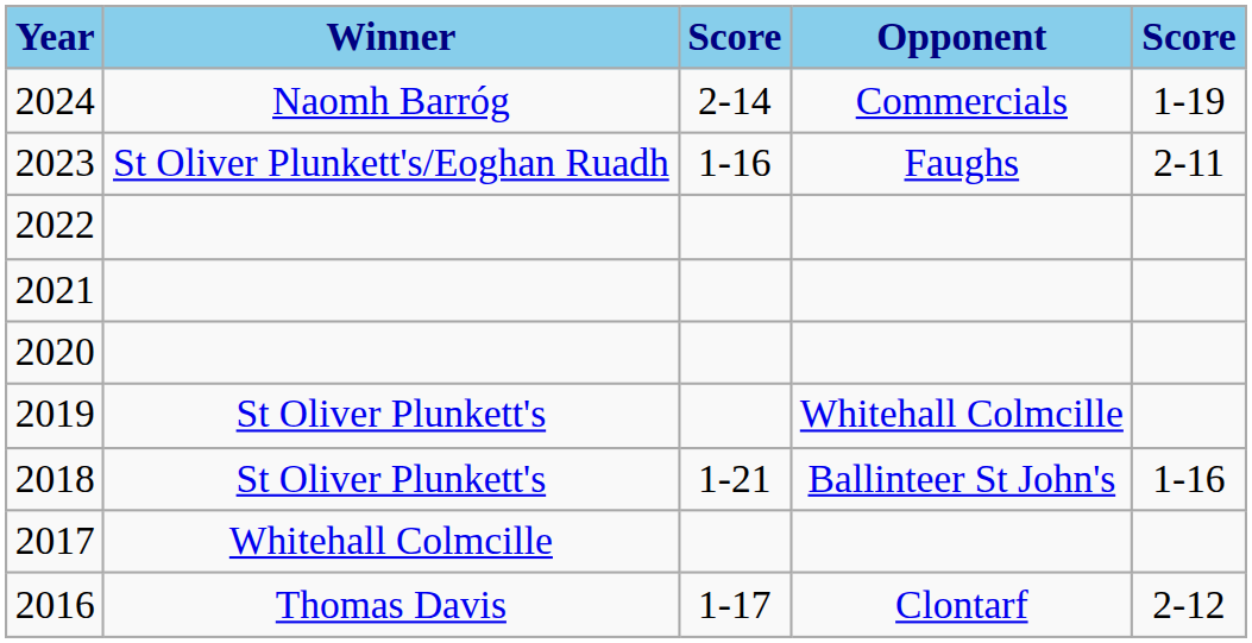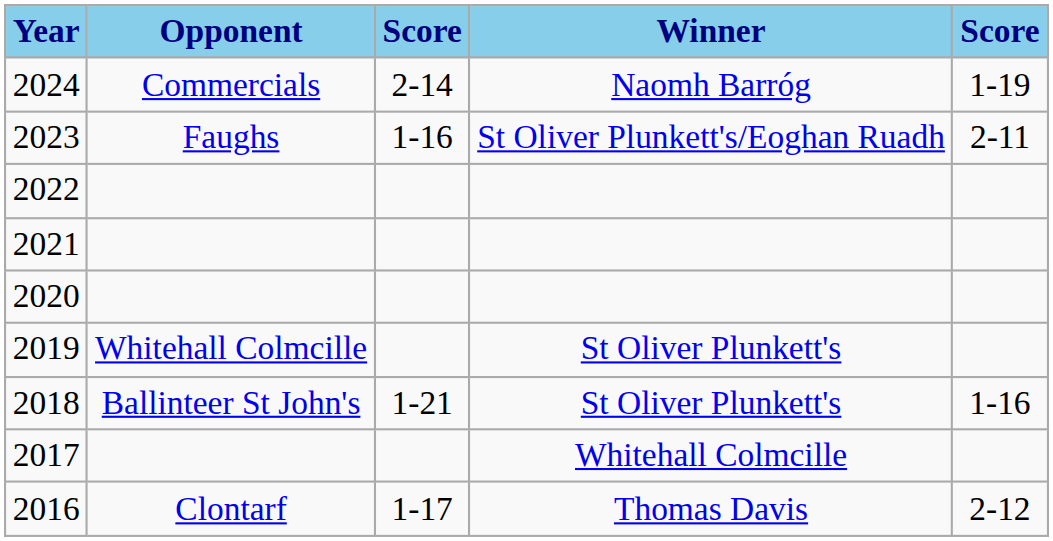 <table class="wikitable" style="text-align:center;">
 <tr>
 <th style="background:skyblue;color:navy;">Year</th>
+<th style="background:skyblue;color:navy;">Opponent</th>
+<th style="background:skyblue;color:navy;">Score</th>
 <th style="background:skyblue;color:navy;">Winner</th>
-<th style="background:skyblue;color:navy;">Score</th>
-<th style="background:skyblue;color:navy;">Opponent</th>
 <th style="background:skyblue;color:navy;">Score</th>
 </tr>
 <tr>
 <td>2024</td>
+<td><a href='#'>Commercials</a></td>
+<td>2-14</td>
 <td><a href='#'>Naomh Barróg</a></td>
-<td>2-14</td>
-<td><a href='#'>Commercials</a></td>
 <td>1-19</td>
 </tr>
 <tr>
 <td>2023</td>
+<td><a href='#'>Faughs</a></td>
+<td>1-16</td>
 <td><a href='#'>St Oliver Plunkett's/Eoghan Ruadh</a></td>
-<td>1-16</td>
-<td><a href='#'>Faughs</a></td>
 <td>2-11</td>
 </tr>
 <tr>
 <td>2022</td>
 <td></td>
 <td></td>
 <td></td>
 <td></td>
 </tr>
 <tr>
 <td>2021</td>
 <td></td>
 <td></td>
 <td></td>
 <td></td>
 </tr>
 <tr>
 <td>2020</td>
 <td></td>
 <td></td>
 <td></td>
 <td></td>
 </tr>
 <tr>
 <td>2019</td>
+<td><a href='#'>Whitehall Colmcille</a></td>
+<td></td>
 <td><a href='#'>St Oliver Plunkett's</a></td>
+<td></td>
+</tr>
+<tr>
+<td>2018</td>
+<td><a href='#'>Ballinteer St John's</a></td>
+<td>1-21</td>
+<td><a href='#'>St Oliver Plunkett's</a></td>
+<td>1-16</td>
+</tr>
+<tr>
+<td>2017</td>
+<td></td>
 <td></td>
 <td><a href='#'>Whitehall Colmcille</a></td>
 <td></td>
 </tr>
 <tr>
-<td>2018</td>
-<td><a href='#'>St Oliver Plunkett's</a></td>
-<td>1-21</td>
-<td><a href='#'>Ballinteer St John's</a></td>
-<td>1-16</td>
-</tr>
-<tr>
-<td>2017</td>
-<td><a href='#'>Whitehall Colmcille</a></td>
-<td></td>
-<td></td>
-<td></td>
-</tr>
-<tr>
 <td>2016</td>
+<td><a href='#'>Clontarf</a></td>
+<td>1-17</td>
 <td><a href='#'>Thomas Davis</a></td>
-<td>1-17</td>
-<td><a href='#'>Clontarf</a></td>
 <td>2-12</td>
 </tr>
 </table>
